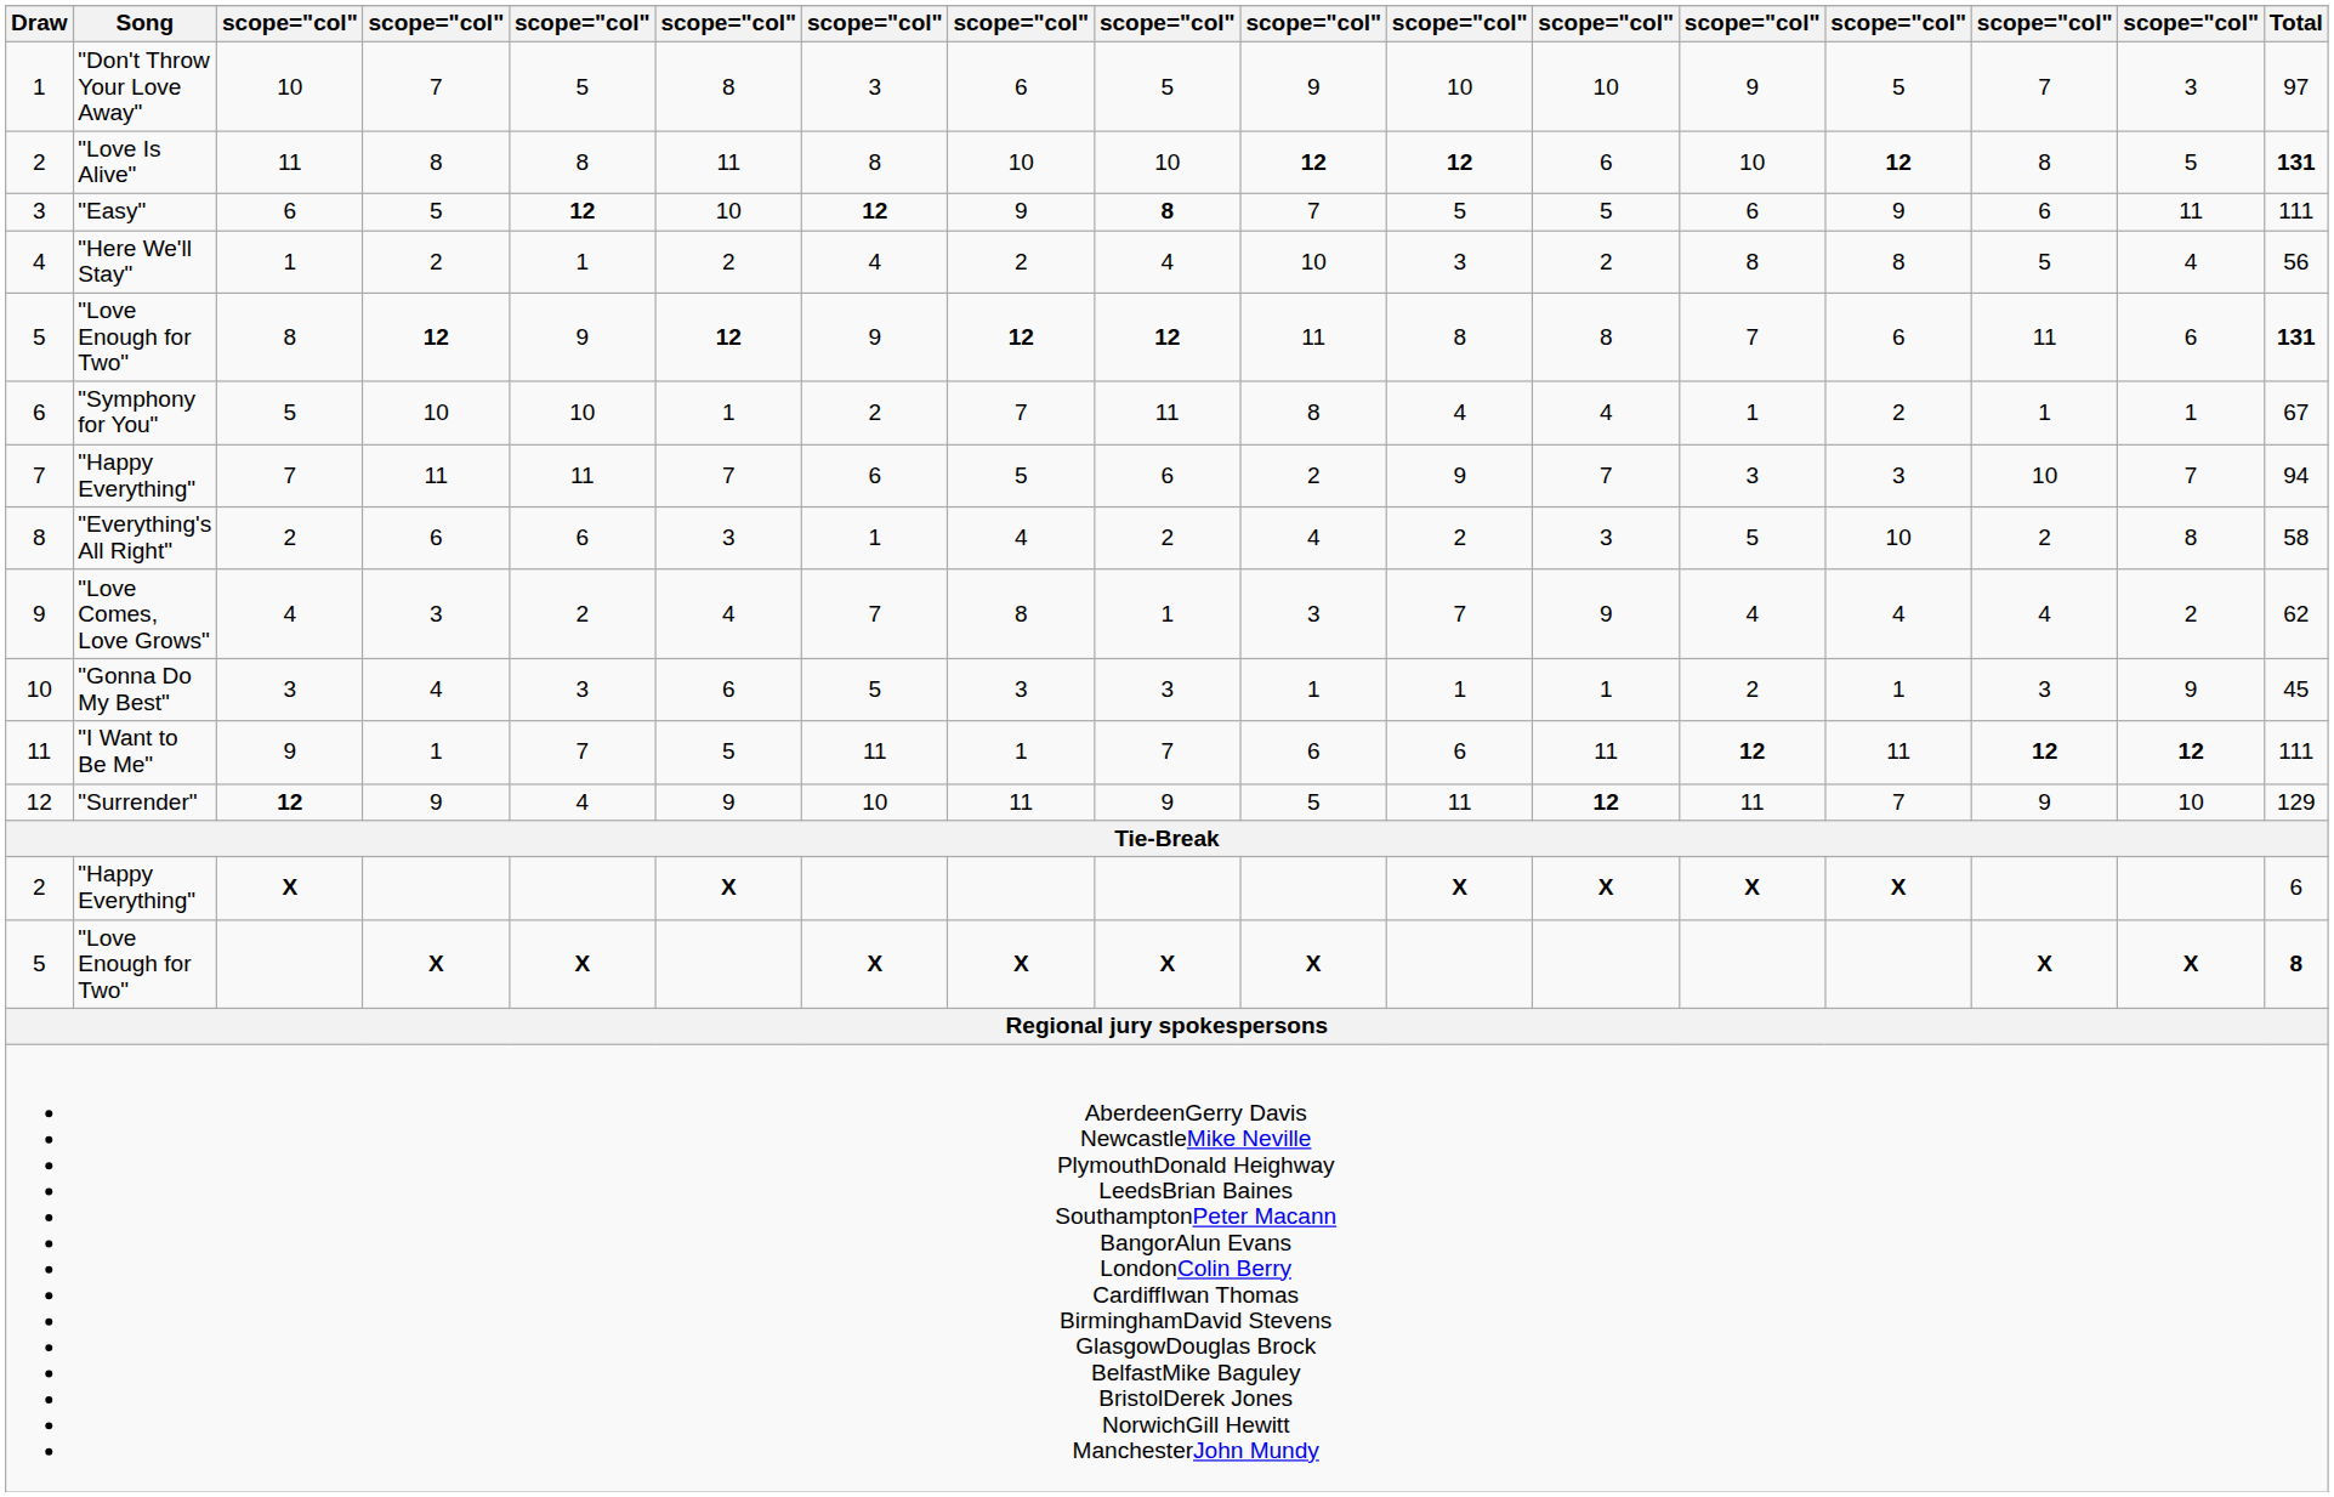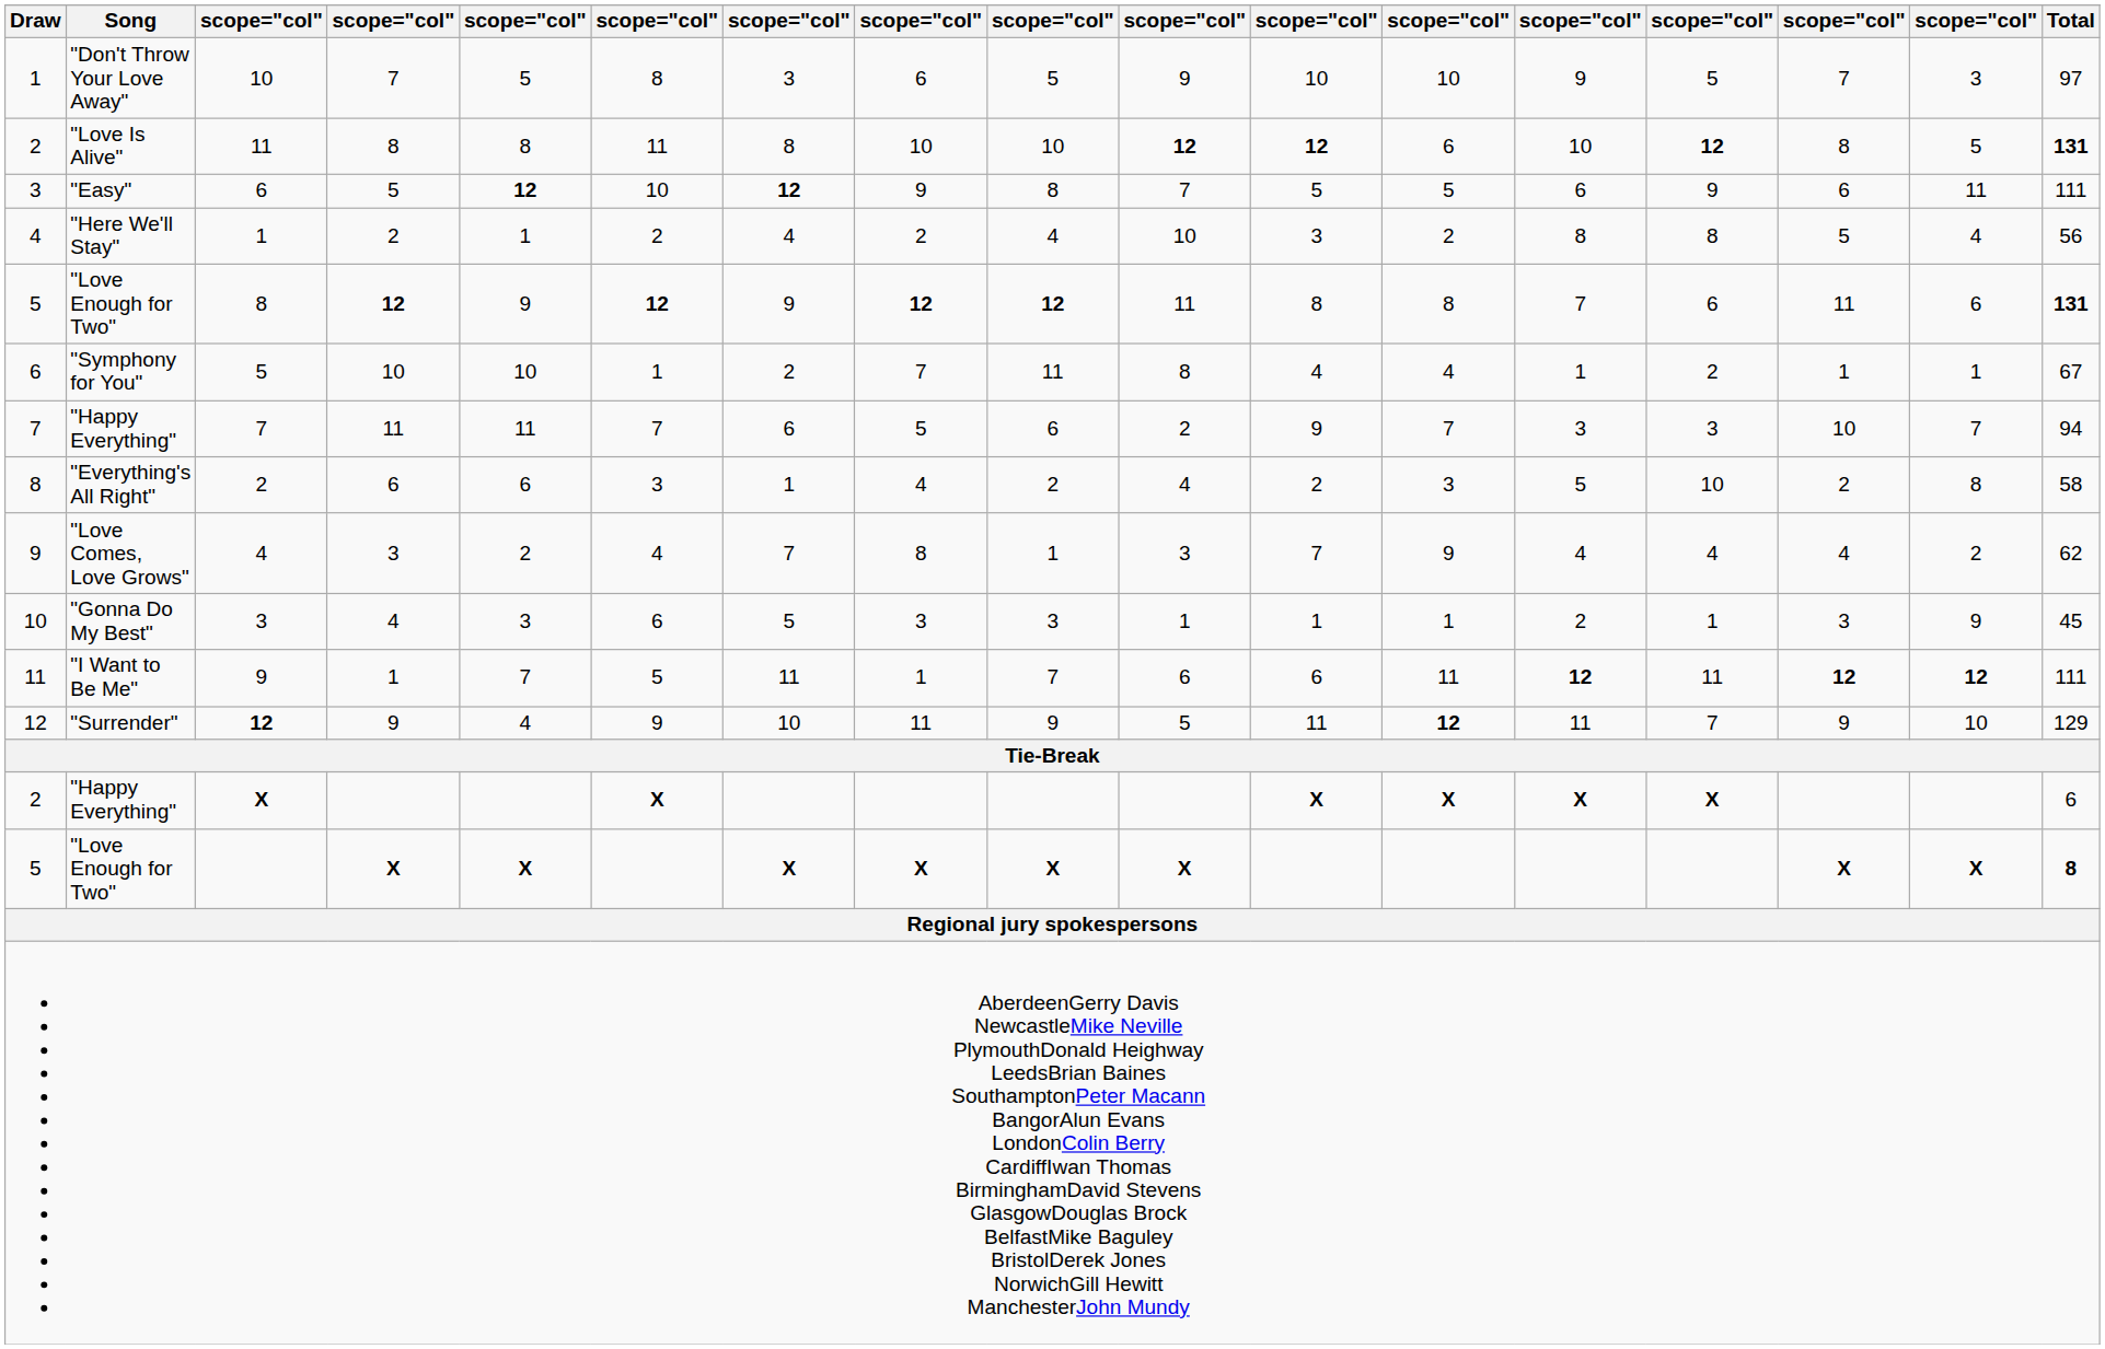 <table class="wikitable plainrowheaders" style="margin: 1em auto 1em auto; text-align:center;">
 <tr>
 </tr>
 <tr>
 <th scope="col">Draw</th>
 <th scope="col">Song</th>
 <th>scope="col" </th>
 <th>scope="col" </th>
 <th>scope="col" </th>
 <th>scope="col" </th>
 <th>scope="col" </th>
 <th>scope="col" </th>
 <th>scope="col" </th>
 <th>scope="col" </th>
 <th>scope="col" </th>
 <th>scope="col" </th>
 <th>scope="col" </th>
 <th>scope="col" </th>
 <th>scope="col" </th>
 <th>scope="col" </th>
 <th scope="col">Total</th>
 </tr>
 <tr>
 <td>1</td>
 <td align="left">"Don't Throw Your Love Away"</td>
 <td>10</td>
 <td>7</td>
 <td>5</td>
 <td>8</td>
 <td>3</td>
 <td>6</td>
 <td>5</td>
 <td>9</td>
 <td>10</td>
 <td>10</td>
 <td>9</td>
 <td>5</td>
 <td>7</td>
 <td>3</td>
 <td>97</td>
 </tr>
 <tr>
 <td>2</td>
 <td align="left">"Love Is Alive"</td>
 <td>11</td>
 <td>8</td>
 <td>8</td>
 <td>11</td>
 <td>8</td>
 <td>10</td>
 <td>10</td>
 <td><strong>12</strong></td>
 <td><strong>12</strong></td>
 <td>6</td>
 <td>10</td>
 <td><strong>12</strong></td>
 <td>8</td>
 <td>5</td>
 <td><strong>131</strong></td>
 </tr>
 <tr>
 <td>3</td>
 <td align="left">"Easy"</td>
 <td>6</td>
 <td>5</td>
 <td><strong>12</strong></td>
 <td>10</td>
 <td><strong>12</strong></td>
 <td>9</td>
-<td><strong>8</strong></td>
+<td>8</td>
 <td>7</td>
 <td>5</td>
 <td>5</td>
 <td>6</td>
 <td>9</td>
 <td>6</td>
 <td>11</td>
 <td>111</td>
 </tr>
 <tr>
 <td>4</td>
 <td align="left">"Here We'll Stay"</td>
 <td>1</td>
 <td>2</td>
 <td>1</td>
 <td>2</td>
 <td>4</td>
 <td>2</td>
 <td>4</td>
 <td>10</td>
 <td>3</td>
 <td>2</td>
 <td>8</td>
 <td>8</td>
 <td>5</td>
 <td>4</td>
 <td>56</td>
 </tr>
 <tr>
 <td>5</td>
 <td align="left">"Love Enough for Two"</td>
 <td>8</td>
 <td><strong>12</strong></td>
 <td>9</td>
 <td><strong>12</strong></td>
 <td>9</td>
 <td><strong>12</strong></td>
 <td><strong>12</strong></td>
 <td>11</td>
 <td>8</td>
 <td>8</td>
 <td>7</td>
 <td>6</td>
 <td>11</td>
 <td>6</td>
 <td><strong>131</strong></td>
 </tr>
 <tr>
 <td>6</td>
 <td align="left">"Symphony for You"</td>
 <td>5</td>
 <td>10</td>
 <td>10</td>
 <td>1</td>
 <td>2</td>
 <td>7</td>
 <td>11</td>
 <td>8</td>
 <td>4</td>
 <td>4</td>
 <td>1</td>
 <td>2</td>
 <td>1</td>
 <td>1</td>
 <td>67</td>
 </tr>
 <tr>
 <td>7</td>
 <td align="left">"Happy Everything"</td>
 <td>7</td>
 <td>11</td>
 <td>11</td>
 <td>7</td>
 <td>6</td>
 <td>5</td>
 <td>6</td>
 <td>2</td>
 <td>9</td>
 <td>7</td>
 <td>3</td>
 <td>3</td>
 <td>10</td>
 <td>7</td>
 <td>94</td>
 </tr>
 <tr>
 <td>8</td>
 <td align="left">"Everything's All Right"</td>
 <td>2</td>
 <td>6</td>
 <td>6</td>
 <td>3</td>
 <td>1</td>
 <td>4</td>
 <td>2</td>
 <td>4</td>
 <td>2</td>
 <td>3</td>
 <td>5</td>
 <td>10</td>
 <td>2</td>
 <td>8</td>
 <td>58</td>
 </tr>
 <tr>
 <td>9</td>
 <td align="left">"Love Comes, Love Grows"</td>
 <td>4</td>
 <td>3</td>
 <td>2</td>
 <td>4</td>
 <td>7</td>
 <td>8</td>
 <td>1</td>
 <td>3</td>
 <td>7</td>
 <td>9</td>
 <td>4</td>
 <td>4</td>
 <td>4</td>
 <td>2</td>
 <td>62</td>
 </tr>
 <tr>
 <td>10</td>
 <td align="left">"Gonna Do My Best"</td>
 <td>3</td>
 <td>4</td>
 <td>3</td>
 <td>6</td>
 <td>5</td>
 <td>3</td>
 <td>3</td>
 <td>1</td>
 <td>1</td>
 <td>1</td>
 <td>2</td>
 <td>1</td>
 <td>3</td>
 <td>9</td>
 <td>45</td>
 </tr>
 <tr>
 <td>11</td>
 <td align="left">"I Want to Be Me"</td>
 <td>9</td>
 <td>1</td>
 <td>7</td>
 <td>5</td>
 <td>11</td>
 <td>1</td>
 <td>7</td>
 <td>6</td>
 <td>6</td>
 <td>11</td>
 <td><strong>12</strong></td>
 <td>11</td>
 <td><strong>12</strong></td>
 <td><strong>12</strong></td>
 <td>111</td>
 </tr>
 <tr>
 <td>12</td>
 <td align="left">"Surrender"</td>
 <td><strong>12</strong></td>
 <td>9</td>
 <td>4</td>
 <td>9</td>
 <td>10</td>
 <td>11</td>
 <td>9</td>
 <td>5</td>
 <td>11</td>
 <td><strong>12</strong></td>
 <td>11</td>
 <td>7</td>
 <td>9</td>
 <td>10</td>
 <td>129</td>
 </tr>
 <tr>
 <th colspan="17">Tie-Break</th>
 </tr>
 <tr>
 <td>2</td>
 <td align="left">"Happy Everything"</td>
 <td><strong>X</strong></td>
 <td></td>
 <td></td>
 <td><strong>X</strong></td>
 <td></td>
 <td></td>
 <td></td>
 <td></td>
 <td><strong>X</strong></td>
 <td><strong>X</strong></td>
 <td><strong>X</strong></td>
 <td><strong>X</strong></td>
 <td></td>
 <td></td>
 <td>6</td>
 </tr>
 <tr>
 <td>5</td>
 <td align="left">"Love Enough for Two"</td>
 <td></td>
 <td><strong>X</strong></td>
 <td><strong>X</strong></td>
 <td></td>
 <td><strong>X</strong></td>
 <td><strong>X</strong></td>
 <td><strong>X</strong></td>
 <td><strong>X</strong></td>
 <td></td>
 <td></td>
 <td></td>
 <td></td>
 <td><strong>X</strong></td>
 <td><strong>X</strong></td>
 <td><strong>8</strong></td>
 </tr>
 <tr>
 <th colspan="17">Regional jury spokespersons</th>
 </tr>
 <tr>
 <td colspan="17"><br><ul><li>AberdeenGerry Davis</li><li>Newcastle<a href='#'>Mike Neville</a></li><li>PlymouthDonald Heighway</li><li>LeedsBrian Baines</li><li>Southampton<a href='#'>Peter Macann</a></li><li>BangorAlun Evans</li><li>London<a href='#'>Colin Berry</a></li><li>CardiffIwan Thomas</li><li>BirminghamDavid Stevens</li><li>GlasgowDouglas Brock</li><li>BelfastMike Baguley</li><li>BristolDerek Jones</li><li>NorwichGill Hewitt</li><li>Manchester<a href='#'>John Mundy</a></li></ul></td>
 </tr>
 </table>
